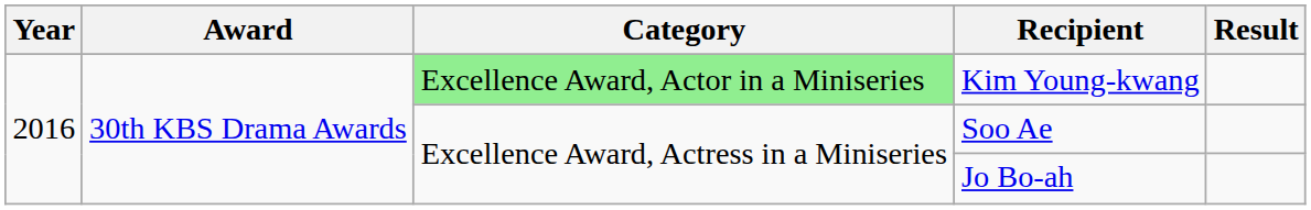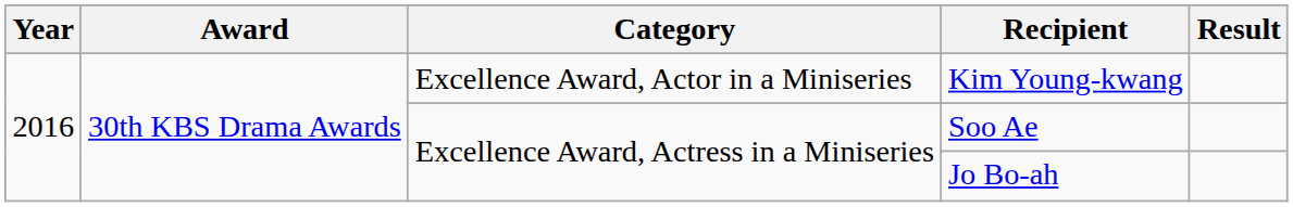 <table class="wikitable">
 <tr>
 <th>Year</th>
 <th>Award</th>
 <th>Category</th>
 <th>Recipient</th>
 <th>Result</th>
 </tr>
 <tr>
 <td rowspan="3">2016</td>
 <td rowspan="3"><a href='#'>30th KBS Drama Awards</a></td>
-<td style="background: lightgreen;">Excellence Award, Actor in a Miniseries</td>
+<td>Excellence Award, Actor in a Miniseries</td>
 <td><a href='#'>Kim Young-kwang</a></td>
 <td></td>
 </tr>
 <tr>
 <td rowspan="2">Excellence Award, Actress in a Miniseries</td>
 <td><a href='#'>Soo Ae</a></td>
 <td></td>
 </tr>
 <tr>
 <td><a href='#'>Jo Bo-ah</a></td>
 <td></td>
 </tr>
 </table>
